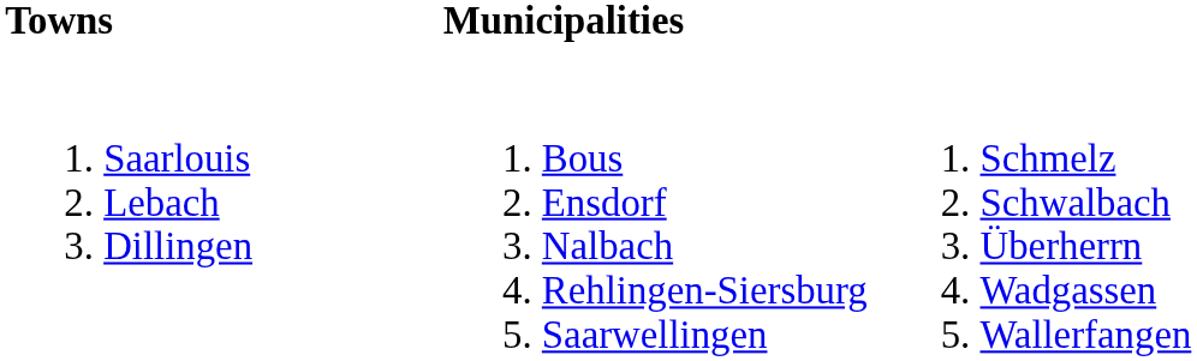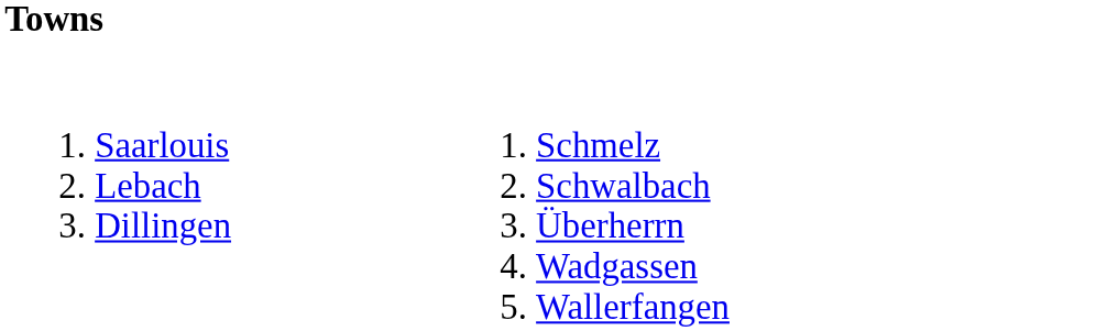 <table>
 <tr>
 <th align=left width=33%>Towns</th>
-<th align=left width=33%>Municipalities</th>
 <th align=left width=33%></th>
 </tr>
 <tr valign=top>
 <td><br><ol><li><a href='#'>Saarlouis</a></li><li><a href='#'>Lebach</a></li><li><a href='#'>Dillingen</a></li></ol></td>
-<td><br><ol><li><a href='#'>Bous</a></li><li><a href='#'>Ensdorf</a></li><li><a href='#'>Nalbach</a></li><li><a href='#'>Rehlingen-Siersburg</a></li><li><a href='#'>Saarwellingen</a></li></ol></td>
 <td><br><ol> <li><a href='#'>Schmelz</a> <li><a href='#'>Schwalbach</a> <li><a href='#'>Überherrn</a> <li><a href='#'>Wadgassen</a> <li><a href='#'>Wallerfangen</a> </ol></td>
 </tr>
 </table>
